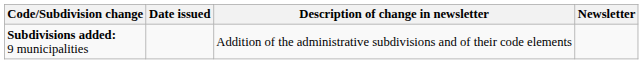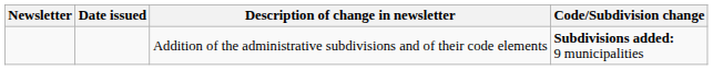 <table class="wikitable">
 <tr>
-<th>Code/Subdivision change</th>
+<th>Newsletter</th>
 <th>Date issued</th>
 <th>Description of change in newsletter</th>
-<th>Newsletter</th>
+<th>Code/Subdivision change</th>
 </tr>
 <tr>
-<td style=white-space:nowrap><strong>Subdivisions added:</strong><br> 9 municipalities</td>
+<td id="I-8"></td>
 <td></td>
 <td>Addition of the administrative subdivisions and of their code elements</td>
-<td id="I-8"></td>
+<td style=white-space:nowrap><strong>Subdivisions added:</strong><br> 9 municipalities</td>
 </tr>
 </table>
